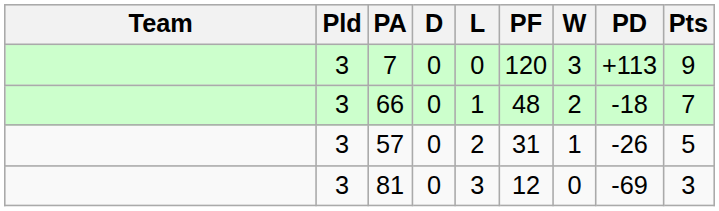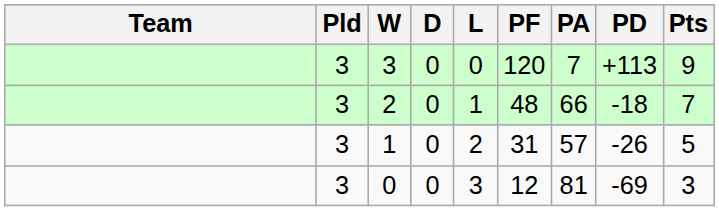 <table class="wikitable" style="text-align:center;">
 <tr>
 <th width="190">Team</th>
 <th width="20" abbr="Played">Pld</th>
-<th width="20" abbr="Points against">PA</th>
+<th width="20" abbr="Won">W</th>
 <th width="20" abbr="Drawn">D</th>
 <th width="20" abbr="Lost">L</th>
 <th width="20" abbr="Points for">PF</th>
-<th width="20" abbr="Won">W</th>
+<th width="20" abbr="Points against">PA</th>
 <th width="25" abbr="Points difference">PD</th>
 <th width="20" abbr="Points">Pts</th>
 </tr>
 <tr style="background:#ccffcc">
 <td align="left"></td>
 <td>3</td>
-<td>7</td>
+<td>3</td>
 <td>0</td>
 <td>0</td>
 <td>120</td>
-<td>3</td>
+<td>7</td>
 <td>+113</td>
 <td>9</td>
 </tr>
 <tr style="background:#ccffcc">
 <td align="left"></td>
 <td>3</td>
-<td>66</td>
+<td>2</td>
 <td>0</td>
 <td>1</td>
 <td>48</td>
-<td>2</td>
+<td>66</td>
 <td>-18</td>
 <td>7</td>
 </tr>
 <tr style="background:">
 <td align="left"></td>
 <td>3</td>
-<td>57</td>
+<td>1</td>
 <td>0</td>
 <td>2</td>
 <td>31</td>
-<td>1</td>
+<td>57</td>
 <td>-26</td>
 <td>5</td>
 </tr>
 <tr>
 <td align="left"></td>
 <td>3</td>
-<td>81</td>
+<td>0</td>
 <td>0</td>
 <td>3</td>
 <td>12</td>
-<td>0</td>
+<td>81</td>
 <td>-69</td>
 <td>3</td>
 </tr>
 </table>
